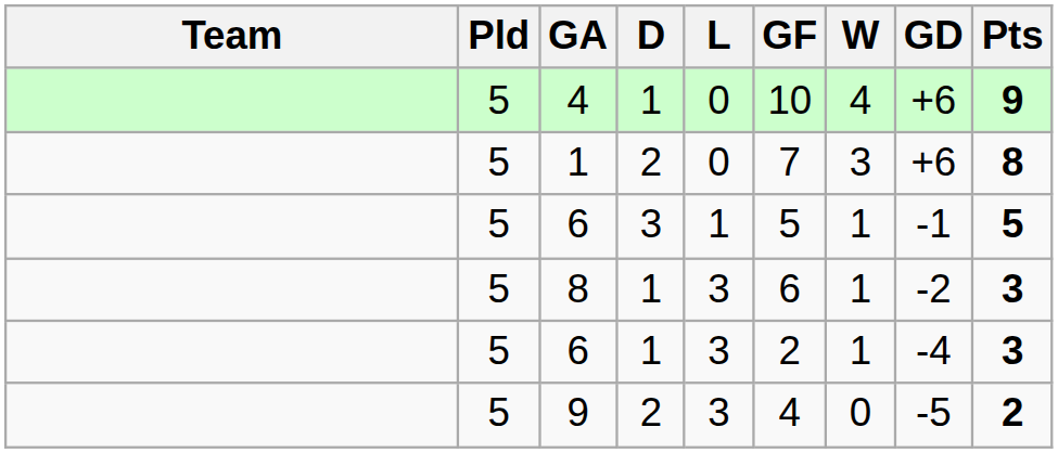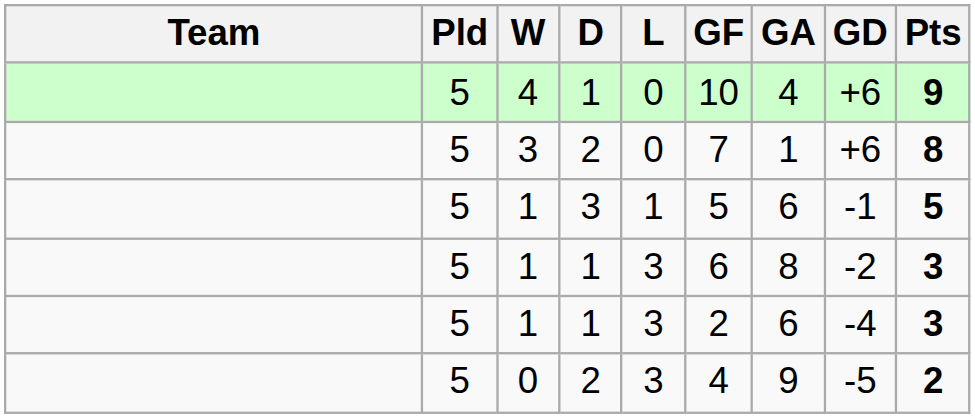 <table class="wikitable" style="text-align:center;">
 <tr>
 <th width=175>Team</th>
 <th width=20 abbr="Played">Pld</th>
-<th width=20 abbr="Goals against">GA</th>
+<th width=20 abbr="Won">W</th>
 <th width=20 abbr="Drawn">D</th>
 <th width=20 abbr="Lost">L</th>
 <th width=20 abbr="Goals for">GF</th>
-<th width=20 abbr="Won">W</th>
+<th width=20 abbr="Goals against">GA</th>
 <th width=20 abbr="Goal difference">GD</th>
 <th width=20 abbr="Points">Pts</th>
 </tr>
 <tr bgcolor=#ccffcc>
 <td align=left></td>
 <td>5</td>
 <td>4</td>
 <td>1</td>
 <td>0</td>
 <td>10</td>
 <td>4</td>
 <td>+6</td>
 <td><strong>9</strong></td>
 </tr>
 <tr>
 <td align=left></td>
 <td>5</td>
-<td>1</td>
+<td>3</td>
 <td>2</td>
 <td>0</td>
 <td>7</td>
-<td>3</td>
+<td>1</td>
 <td>+6</td>
 <td><strong>8</strong></td>
 </tr>
 <tr>
 <td align=left></td>
 <td>5</td>
-<td>6</td>
+<td>1</td>
 <td>3</td>
 <td>1</td>
 <td>5</td>
-<td>1</td>
+<td>6</td>
 <td>-1</td>
 <td><strong>5</strong></td>
 </tr>
 <tr>
 <td align=left></td>
 <td>5</td>
-<td>8</td>
+<td>1</td>
 <td>1</td>
 <td>3</td>
 <td>6</td>
-<td>1</td>
+<td>8</td>
 <td>-2</td>
 <td><strong>3</strong></td>
 </tr>
 <tr>
 <td align=left></td>
 <td>5</td>
-<td>6</td>
+<td>1</td>
 <td>1</td>
 <td>3</td>
 <td>2</td>
-<td>1</td>
+<td>6</td>
 <td>-4</td>
 <td><strong>3</strong></td>
 </tr>
 <tr>
 <td align=left></td>
 <td>5</td>
-<td>9</td>
+<td>0</td>
 <td>2</td>
 <td>3</td>
 <td>4</td>
-<td>0</td>
+<td>9</td>
 <td>-5</td>
 <td><strong>2</strong></td>
 </tr>
 </table>
